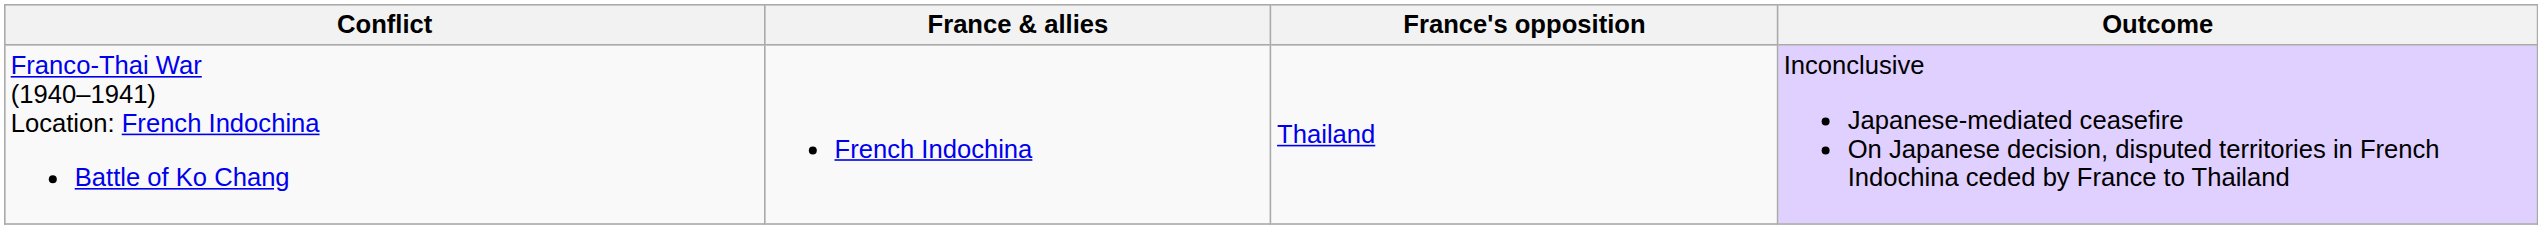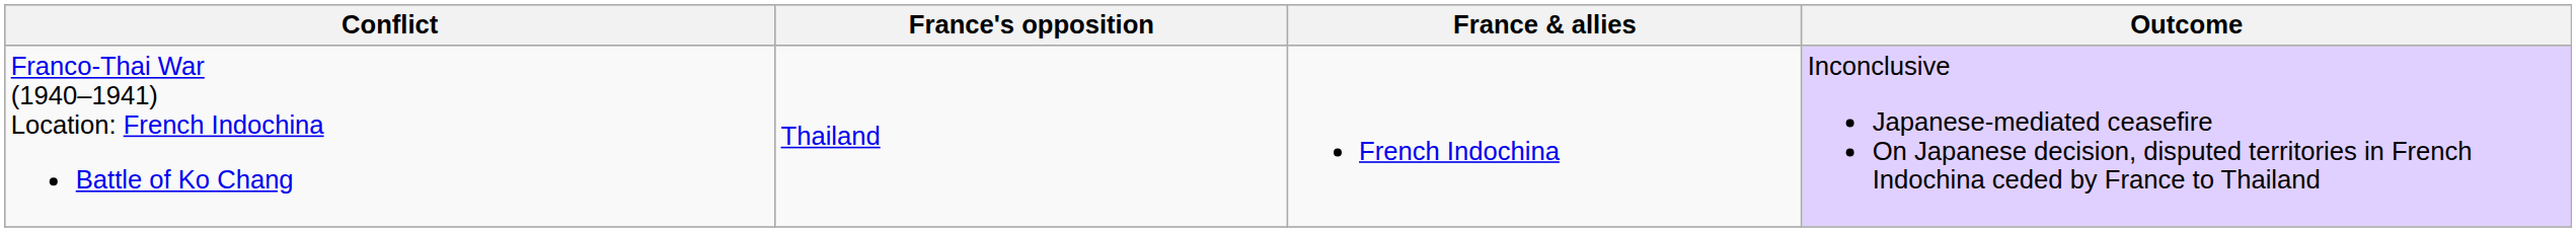 <table class="wikitable sortable" width="100%">
 <tr>
 <th width=30%>Conflict</th>
+<th width=20%>France's opposition</th>
 <th width=20%>France & allies</th>
-<th width=20%>France's opposition</th>
 <th width=30%>Outcome</th>
 </tr>
 <tr>
 <td><a href='#'>Franco-Thai War</a><br>(1940–1941)<br>Location: <a href='#'>French Indochina</a><ul><li><a href='#'>Battle of Ko Chang</a></li></ul></td>
+<td> <a href='#'>Thailand</a></td>
 <td><br><ul><li><a href='#'>French Indochina</a></li></ul></td>
-<td> <a href='#'>Thailand</a></td>
 <td style="background:#E0D0FF">Inconclusive<br><ul><li>Japanese-mediated ceasefire</li><li>On Japanese decision, disputed territories in French Indochina ceded by France to Thailand</li></ul></td>
 </tr>
 </table>
